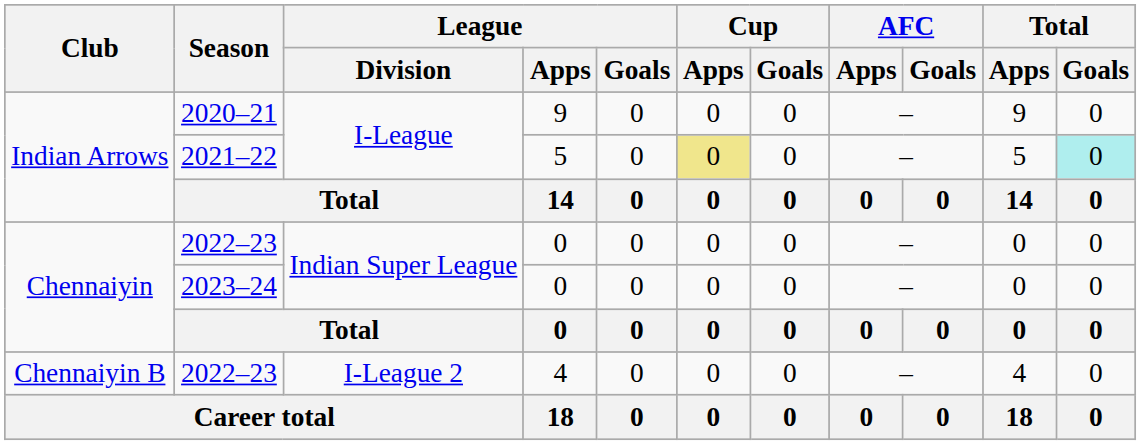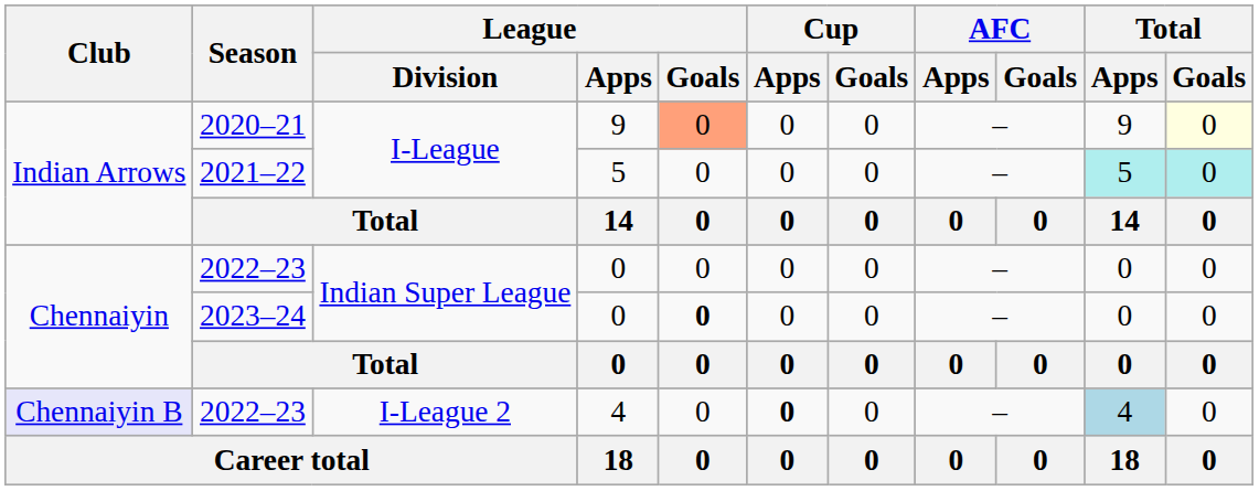 <table class="wikitable" style="text-align: center;">
 <tr>
 <th rowspan="2">Club</th>
 <th rowspan="2">Season</th>
 <th colspan="3">League</th>
 <th colspan="2">Cup</th>
 <th colspan="2"><a href='#'>AFC</a></th>
 <th colspan="2">Total</th>
 </tr>
 <tr>
 <th>Division</th>
 <th>Apps</th>
 <th>Goals</th>
 <th>Apps</th>
 <th>Goals</th>
 <th>Apps</th>
 <th>Goals</th>
 <th>Apps</th>
 <th>Goals</th>
 </tr>
 <tr>
 <td rowspan="3"><a href='#'>Indian Arrows</a></td>
 <td><a href='#'>2020–21</a></td>
 <td rowspan="2"><a href='#'>I-League</a></td>
 <td>9</td>
-<td>0</td>
+<td style="background: lightsalmon;">0</td>
 <td>0</td>
 <td>0</td>
 <td colspan="2">–</td>
 <td>9</td>
-<td>0</td>
+<td style="background: lightyellow;">0</td>
 </tr>
 <tr>
 <td><a href='#'>2021–22</a></td>
 <td>5</td>
 <td>0</td>
-<td style="background: khaki;">0</td>
+<td>0</td>
 <td>0</td>
 <td colspan="2">–</td>
-<td>5</td>
+<td style="background: paleturquoise;">5</td>
 <td style="background: paleturquoise;">0</td>
 </tr>
 <tr>
 <th colspan="2">Total</th>
 <th>14</th>
 <th>0</th>
 <th>0</th>
 <th>0</th>
 <th>0</th>
 <th>0</th>
 <th>14</th>
 <th>0</th>
 </tr>
 <tr>
 <td rowspan="3"><a href='#'>Chennaiyin</a></td>
 <td><a href='#'>2022–23</a></td>
 <td rowspan="2"><a href='#'>Indian Super League</a></td>
 <td>0</td>
 <td>0</td>
 <td>0</td>
 <td>0</td>
 <td colspan="2">–</td>
 <td>0</td>
 <td>0</td>
 </tr>
 <tr>
 <td><a href='#'>2023–24</a></td>
 <td>0</td>
-<td>0</td>
+<td><strong>0</strong></td>
 <td>0</td>
 <td>0</td>
 <td colspan="2">–</td>
 <td>0</td>
 <td>0</td>
 </tr>
 <tr>
 <th colspan="2">Total</th>
 <th>0</th>
 <th>0</th>
 <th>0</th>
 <th>0</th>
 <th>0</th>
 <th>0</th>
 <th>0</th>
 <th>0</th>
 </tr>
 <tr>
-<td rowspan="1"><a href='#'>Chennaiyin B</a></td>
+<td rowspan="1" style="background: lavender;"><a href='#'>Chennaiyin B</a></td>
 <td><a href='#'>2022–23</a></td>
 <td rowspan="1"><a href='#'>I-League 2</a></td>
 <td>4</td>
 <td>0</td>
-<td>0</td>
+<td><strong>0</strong></td>
 <td>0</td>
 <td colspan="2">–</td>
-<td>4</td>
+<td style="background: lightblue;">4</td>
 <td>0</td>
 </tr>
 <tr>
 <th colspan="3">Career total</th>
 <th>18</th>
 <th>0</th>
 <th>0</th>
 <th>0</th>
 <th>0</th>
 <th>0</th>
 <th>18</th>
 <th>0</th>
 </tr>
 </table>
